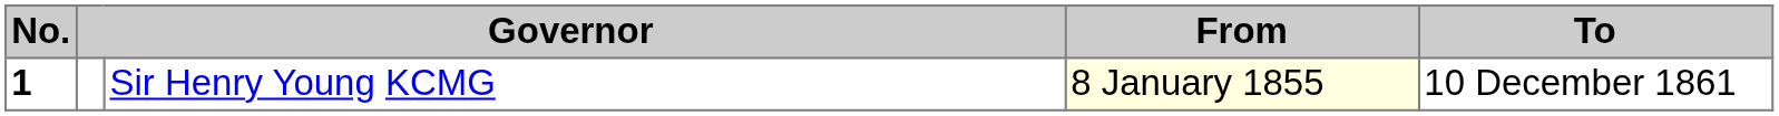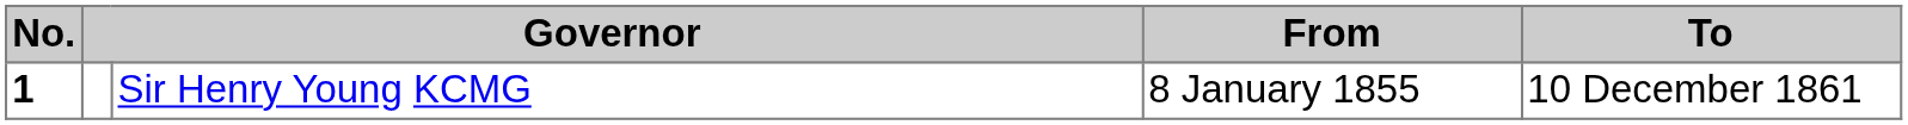 <table border="1" cellspacing="0" cellpadding="2" style="border-collapse:collapse;">
 <tr style="background:#ccc;">
 <th style="width:4%;">No.</th>
 <th colspan=2 style="width:56%;">Governor</th>
 <th style="width:20%;">From</th>
 <th style="width:20%;">To</th>
 </tr>
 <tr>
 <td><strong>1</strong></td>
 <td></td>
 <td><a href='#'>Sir Henry Young</a> <a href='#'>KCMG</a></td>
-<td style="background: lightyellow;">8 January 1855</td>
+<td>8 January 1855</td>
 <td>10 December 1861</td>
 </tr>
 </table>
